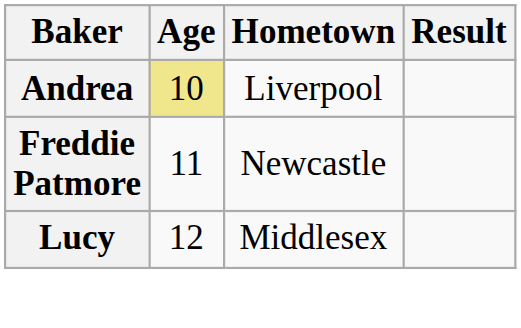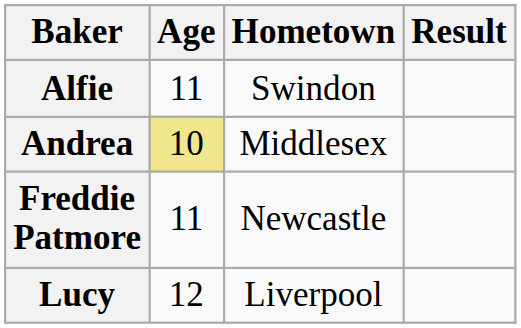 <table class="wikitable sortable" style="display:inline-table; text-align:center">
 <tr>
 <th scope="col">Baker</th>
 <th scope="col">Age</th>
 <th scope="col">Hometown</th>
 <th scope="col">Result</th>
 </tr>
 <tr>
+<th scope="row">Alfie</th>
+<td>11</td>
+<td>Swindon</td>
+<td></td>
+</tr>
+<tr>
 <th scope="row">Andrea</th>
 <td style="background: khaki;">10</td>
-<td>Liverpool</td>
+<td>Middlesex</td>
 <td></td>
 </tr>
 <tr>
 <th scope="row">Freddie<br>Patmore</th>
 <td>11</td>
 <td>Newcastle</td>
 <td></td>
 </tr>
 <tr>
 <th scope="row">Lucy</th>
 <td>12</td>
-<td>Middlesex</td>
+<td>Liverpool</td>
 <td></td>
 </tr>
 </table>
